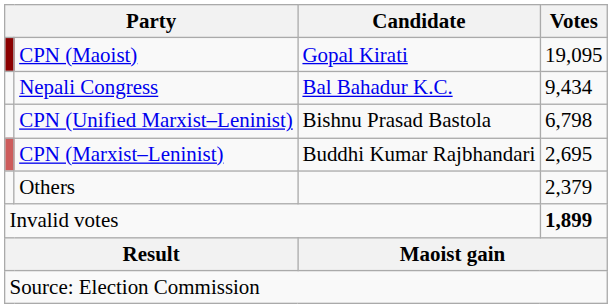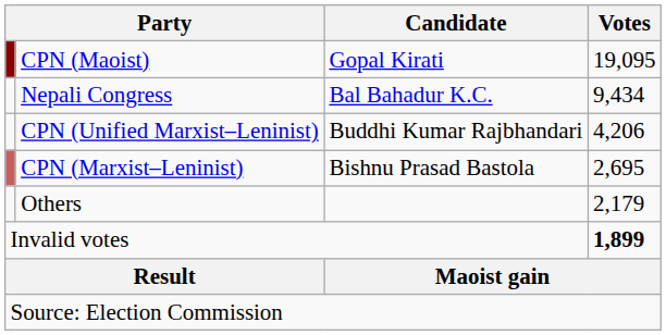 <table class="wikitable">
 <tr>
 <th colspan="2">Party</th>
 <th>Candidate</th>
 <th>Votes</th>
 </tr>
 <tr>
 <td style="background-color:darkred"></td>
 <td><a href='#'>CPN (Maoist)</a></td>
 <td><a href='#'>Gopal Kirati</a></td>
 <td>19,095</td>
 </tr>
 <tr>
 <td style="background-color:"></td>
 <td><a href='#'>Nepali Congress</a></td>
 <td><a href='#'>Bal Bahadur K.C.</a></td>
 <td>9,434</td>
 </tr>
 <tr>
 <td style="background-color:"></td>
 <td><a href='#'>CPN (Unified Marxist–Leninist)</a></td>
-<td>Bishnu Prasad Bastola</td>
-<td>6,798</td>
+<td>Buddhi Kumar Rajbhandari</td>
+<td>4,206</td>
 </tr>
 <tr>
 <td style="background-color:indianred"></td>
 <td><a href='#'>CPN (Marxist–Leninist)</a></td>
-<td>Buddhi Kumar Rajbhandari</td>
+<td>Bishnu Prasad Bastola</td>
 <td>2,695</td>
 </tr>
 <tr>
 <td></td>
 <td>Others</td>
 <td></td>
-<td>2,379</td>
+<td>2,179</td>
 </tr>
 <tr>
 <td colspan="3">Invalid votes</td>
 <td><strong>1,899</strong></td>
 </tr>
 <tr>
 <th colspan="2">Result</th>
 <th colspan="2">Maoist gain</th>
 </tr>
 <tr>
 <td colspan="4">Source: Election Commission</td>
 </tr>
 </table>
